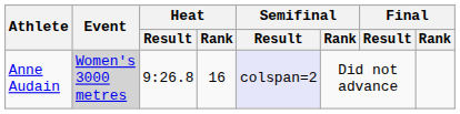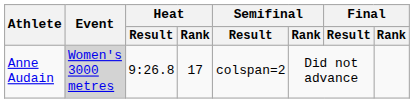 <table class="wikitable" style="font-size:90%; width:40%">
 <tr>
 <th rowspan="2">Athlete</th>
 <th rowspan="2">Event</th>
 <th colspan="2">Heat</th>
 <th colspan="2">Semifinal</th>
 <th colspan="2">Final</th>
 </tr>
 <tr style="font-size:95%">
 <th>Result</th>
 <th>Rank</th>
 <th>Result</th>
 <th>Rank</th>
 <th>Result</th>
 <th>Rank</th>
 </tr>
 <tr align=center>
 <td align=left><a href='#'>Anne Audain</a></td>
 <td align=left style="background: lightgrey;"><a href='#'>Women's 3000 metres</a></td>
 <td>9:26.8</td>
-<td>16</td>
-<td style="background: lavender;">colspan=2 </td>
+<td>17</td>
+<td>colspan=2 </td>
 <td colspan=2>Did not advance</td>
 </tr>
 </table>
